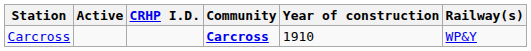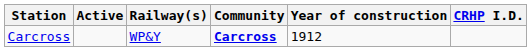 <table class="wikitable sortable">
 <tr>
 <th>Station</th>
 <th>Active</th>
-<th><a href='#'>CRHP</a> I.D.</th>
+<th>Railway(s)</th>
 <th>Community</th>
 <th>Year of construction</th>
-<th>Railway(s)</th>
+<th><a href='#'>CRHP</a> I.D.</th>
 </tr>
 <tr>
 <td><a href='#'>Carcross</a></td>
 <td></td>
+<td><a href='#'>WP&Y</a></td>
+<td><strong><a href='#'>Carcross</a></strong></td>
+<td>1912</td>
 <td></td>
-<td><strong><a href='#'>Carcross</a></strong></td>
-<td>1910</td>
-<td><a href='#'>WP&Y</a></td>
 </tr>
 </table>
